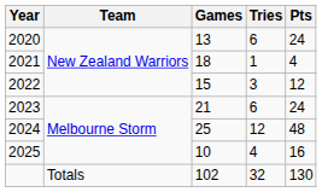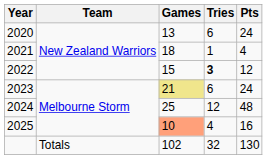 <table class="wikitable">
 <tr>
 <th>Year</th>
 <th>Team</th>
 <th>Games</th>
 <th>Tries</th>
 <th>Pts</th>
 </tr>
 <tr>
 <td>2020</td>
 <td rowspan="3"> <a href='#'>New Zealand Warriors</a></td>
 <td>13</td>
 <td>6</td>
 <td>24</td>
 </tr>
 <tr>
 <td>2021</td>
 <td>18</td>
 <td>1</td>
 <td>4</td>
 </tr>
 <tr>
 <td>2022</td>
 <td>15</td>
-<td>3</td>
+<td><strong>3</strong></td>
 <td>12</td>
 </tr>
 <tr>
 <td>2023</td>
 <td rowspan="3"> <a href='#'>Melbourne Storm</a></td>
-<td>21</td>
+<td style="background: khaki;">21</td>
 <td>6</td>
 <td>24</td>
 </tr>
 <tr>
 <td>2024</td>
 <td>25</td>
 <td>12</td>
 <td>48</td>
 </tr>
 <tr>
 <td>2025</td>
-<td>10</td>
+<td style="background: lightsalmon;">10</td>
 <td>4</td>
 <td>16</td>
 </tr>
 <tr>
 <td></td>
 <td>Totals</td>
 <td>102</td>
 <td>32</td>
 <td>130</td>
 </tr>
 </table>
